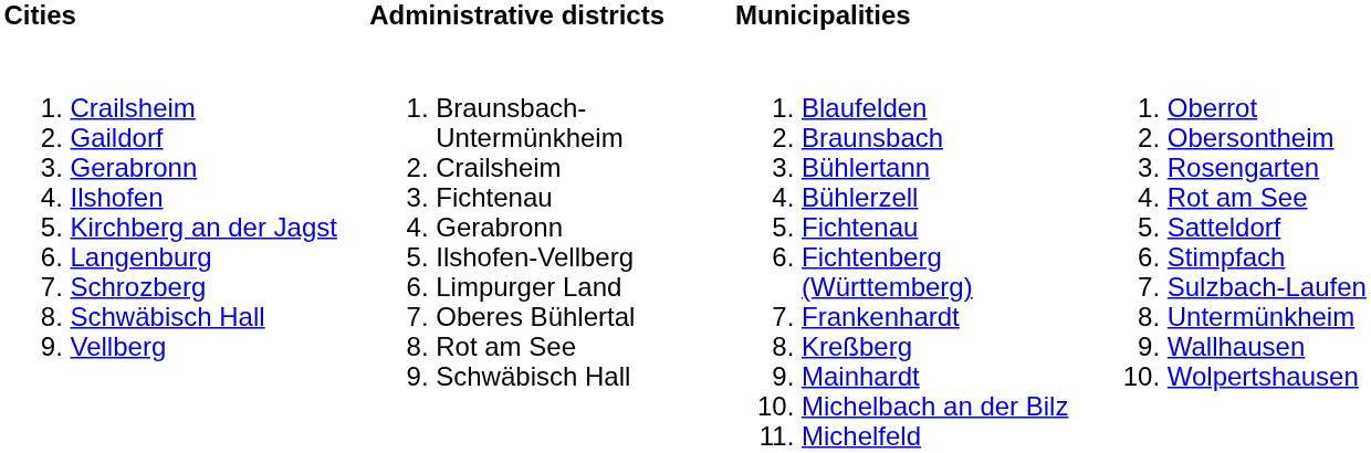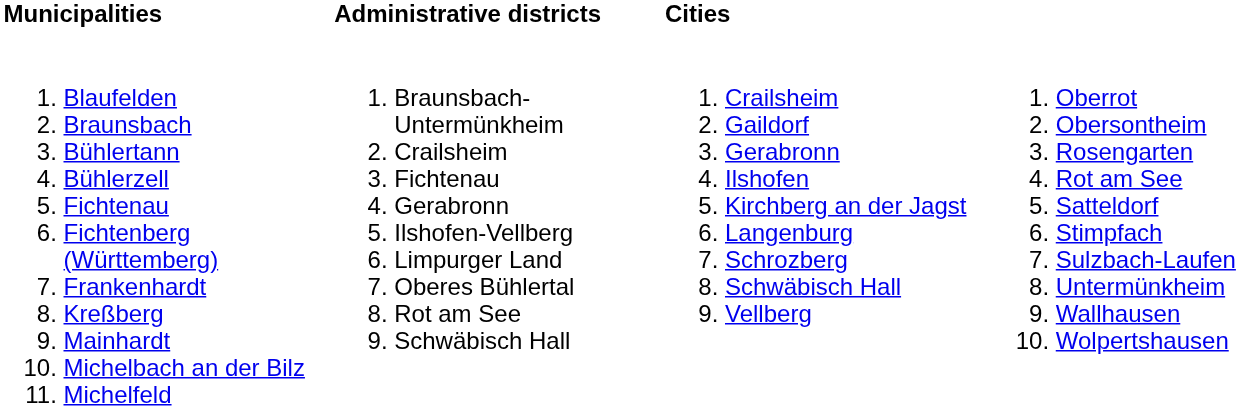 <table>
 <tr>
+<th width=25% align=left>Municipalities</th>
+<th width=25% align=left>Administrative districts</th>
 <th width=25% align=left>Cities</th>
-<th width=25% align=left>Administrative districts</th>
-<th width=25% align=left>Municipalities</th>
 <th width=25%></th>
 </tr>
 <tr valign=top>
+<td><br><ol><li><a href='#'>Blaufelden</a></li><li><a href='#'>Braunsbach</a></li><li><a href='#'>Bühlertann</a></li><li><a href='#'>Bühlerzell</a></li><li><a href='#'>Fichtenau</a></li><li><a href='#'>Fichtenberg (Württemberg)</a></li><li><a href='#'>Frankenhardt</a></li><li><a href='#'>Kreßberg</a></li><li><a href='#'>Mainhardt</a></li><li><a href='#'>Michelbach an der Bilz</a></li><li><a href='#'>Michelfeld</a></li></ol></td>
+<td><br><ol><li>Braunsbach-Untermünkheim</li><li>Crailsheim</li><li>Fichtenau</li><li>Gerabronn</li><li>Ilshofen-Vellberg</li><li>Limpurger Land</li><li>Oberes Bühlertal</li><li>Rot am See</li><li>Schwäbisch Hall</li></ol></td>
 <td><br><ol><li><a href='#'>Crailsheim</a></li><li><a href='#'>Gaildorf</a></li><li><a href='#'>Gerabronn</a></li><li><a href='#'>Ilshofen</a></li><li><a href='#'>Kirchberg an der Jagst</a></li><li><a href='#'>Langenburg</a></li><li><a href='#'>Schrozberg</a></li><li><a href='#'>Schwäbisch Hall</a></li><li><a href='#'>Vellberg</a></li></ol></td>
-<td><br><ol><li>Braunsbach-Untermünkheim</li><li>Crailsheim</li><li>Fichtenau</li><li>Gerabronn</li><li>Ilshofen-Vellberg</li><li>Limpurger Land</li><li>Oberes Bühlertal</li><li>Rot am See</li><li>Schwäbisch Hall</li></ol></td>
-<td><br><ol><li><a href='#'>Blaufelden</a></li><li><a href='#'>Braunsbach</a></li><li><a href='#'>Bühlertann</a></li><li><a href='#'>Bühlerzell</a></li><li><a href='#'>Fichtenau</a></li><li><a href='#'>Fichtenberg (Württemberg)</a></li><li><a href='#'>Frankenhardt</a></li><li><a href='#'>Kreßberg</a></li><li><a href='#'>Mainhardt</a></li><li><a href='#'>Michelbach an der Bilz</a></li><li><a href='#'>Michelfeld</a></li></ol></td>
 <td><br><ol> <li><a href='#'>Oberrot</a> <li><a href='#'>Obersontheim</a> <li><a href='#'>Rosengarten</a> <li><a href='#'>Rot am See</a> <li><a href='#'>Satteldorf</a> <li><a href='#'>Stimpfach</a> <li><a href='#'>Sulzbach-Laufen</a> <li><a href='#'>Untermünkheim</a> <li><a href='#'>Wallhausen</a> <li><a href='#'>Wolpertshausen</a> </ol></td>
 </tr>
 </table>
